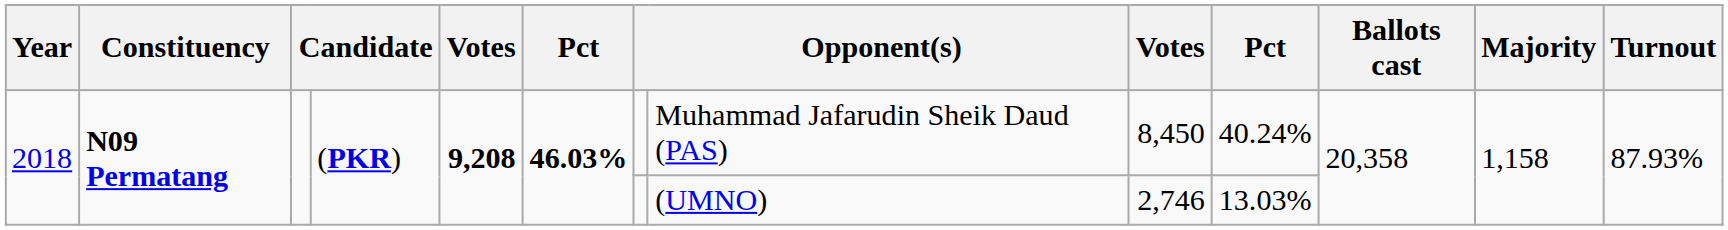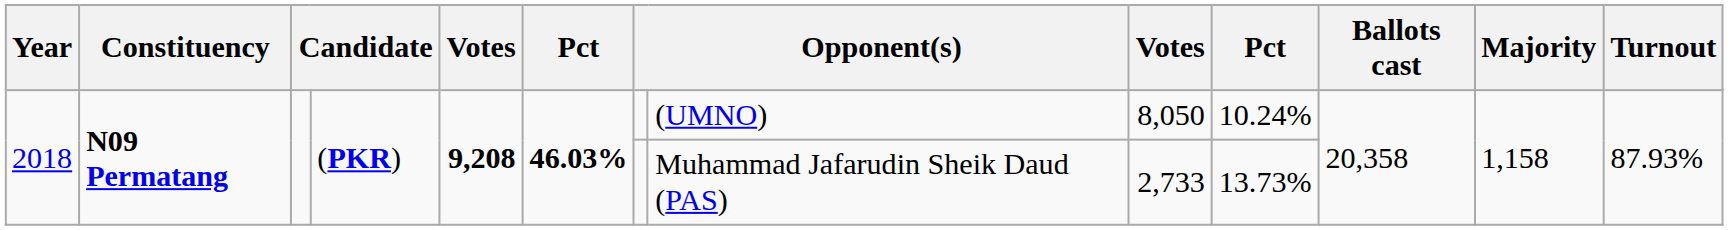 <table class="wikitable" style="margin:0.5em ; font-size:95%">
 <tr>
 <th>Year</th>
 <th>Constituency</th>
 <th colspan=2>Candidate</th>
 <th>Votes</th>
 <th>Pct</th>
 <th colspan=2>Opponent(s)</th>
 <th>Votes</th>
 <th>Pct</th>
 <th>Ballots cast</th>
 <th>Majority</th>
 <th>Turnout</th>
 </tr>
 <tr>
 <td rowspan=2><a href='#'>2018</a></td>
 <td rowspan=2><strong>N09 <a href='#'>Permatang</a></strong></td>
 <td rowspan=2 ></td>
 <td rowspan=2> (<a href='#'><strong>PKR</strong></a>)</td>
 <td rowspan=2 align=right><strong>9,208</strong></td>
 <td rowspan=2><strong>46.03%</strong></td>
 <td></td>
-<td>Muhammad Jafarudin Sheik Daud (<a href='#'>PAS</a>)</td>
-<td align=right>8,450</td>
-<td>40.24%</td>
+<td> (<a href='#'>UMNO</a>)</td>
+<td align=right>8,050</td>
+<td>10.24%</td>
 <td rowspan=2>20,358</td>
 <td rowspan=2>1,158</td>
 <td rowspan=2>87.93%</td>
 </tr>
 <tr>
 <td></td>
-<td> (<a href='#'>UMNO</a>)</td>
-<td align=right>2,746</td>
-<td>13.03%</td>
+<td>Muhammad Jafarudin Sheik Daud (<a href='#'>PAS</a>)</td>
+<td align=right>2,733</td>
+<td>13.73%</td>
 </tr>
 </table>
